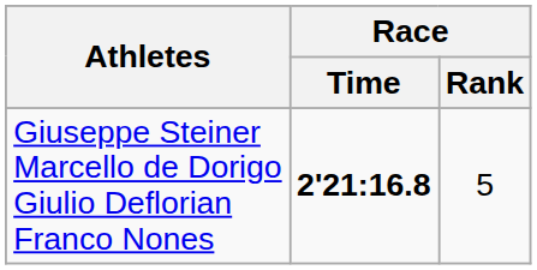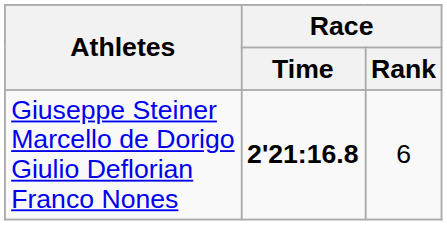 <table class="wikitable" border="1" style="font-size:90%">
 <tr>
 <th rowspan=2>Athletes</th>
 <th colspan=2>Race</th>
 </tr>
 <tr>
 <th>Time</th>
 <th>Rank</th>
 </tr>
 <tr>
 <td><a href='#'>Giuseppe Steiner</a><br><a href='#'>Marcello de Dorigo</a><br><a href='#'>Giulio Deflorian</a><br><a href='#'>Franco Nones</a></td>
 <td align=center><strong>2'21:16.8</strong></td>
-<td align=center>5</td>
+<td align=center>6</td>
 </tr>
 </table>
